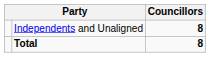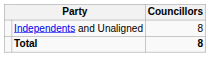 <table class="wikitable">
 <tr>
 <th colspan="2">Party</th>
 <th>Councillors</th>
 </tr>
 <tr>
 <td> </td>
 <td><a href='#'>Independents</a> and Unaligned</td>
-<td align=right><strong>8</strong></td>
+<td align=right>8</td>
 </tr>
 <tr>
 <td></td>
 <td><strong>Total</strong></td>
 <td align=right><strong>8</strong></td>
 </tr>
 </table>
